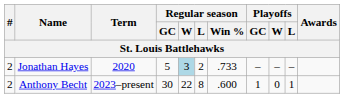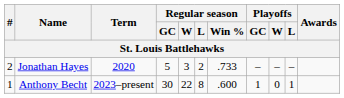 <table class="wikitable" style="text-align:center">
 <tr>
 <th rowspan="2">#</th>
 <th rowspan="2">Name</th>
 <th rowspan="2">Term</th>
 <th colspan="4">Regular season</th>
 <th colspan="3">Playoffs</th>
 <th rowspan="2">Awards</th>
 </tr>
 <tr>
 <th>GC</th>
 <th>W</th>
 <th>L</th>
 <th>Win %</th>
 <th>GC</th>
 <th>W</th>
 <th>L</th>
 </tr>
 <tr>
 <th colspan="11">St. Louis Battlehawks</th>
 </tr>
 <tr>
 <td>2</td>
 <td><a href='#'>Jonathan Hayes</a></td>
 <td><a href='#'>2020</a></td>
 <td>5</td>
-<td style="background: lightblue;">3</td>
+<td>3</td>
 <td>2</td>
 <td>.733</td>
 <td>–</td>
 <td>–</td>
 <td>–</td>
 <td></td>
 </tr>
 <tr>
-<td>2</td>
+<td>1</td>
 <td><a href='#'>Anthony Becht</a></td>
 <td><a href='#'>2023</a>–present</td>
 <td>30</td>
 <td>22</td>
 <td>8</td>
 <td>.600</td>
 <td>1</td>
 <td>0</td>
 <td>1</td>
 <td></td>
 </tr>
 </table>
